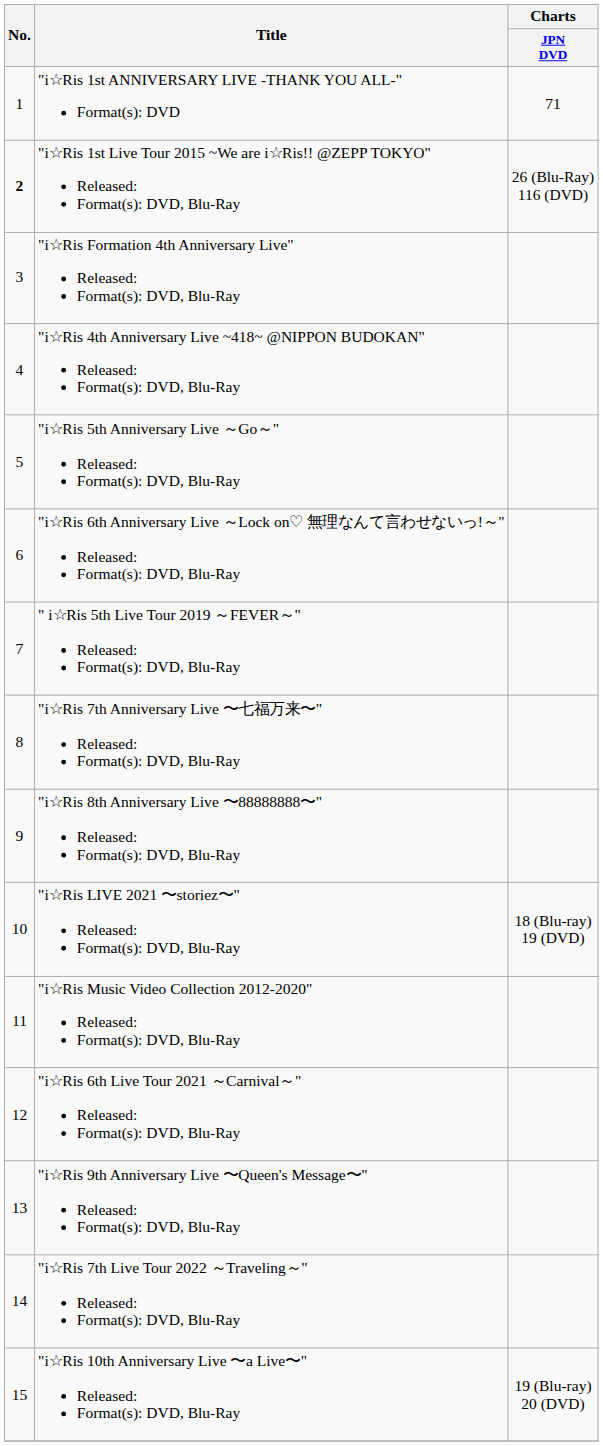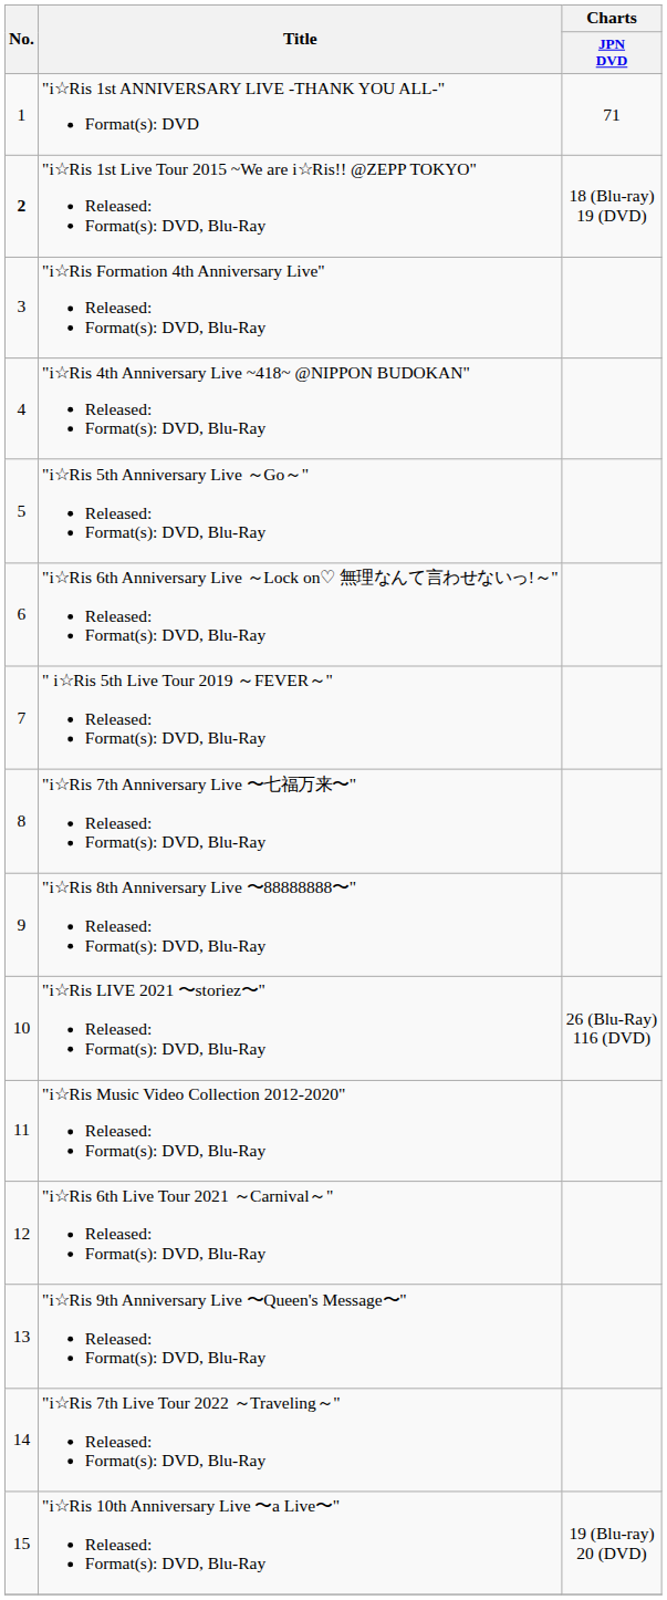 <table class="wikitable">
 <tr>
 <th rowspan="2">No.</th>
 <th rowspan="2">Title</th>
 <th>Charts</th>
 </tr>
 <tr style="width:3em;font-size:85%;">
 <th><a href='#'>JPN<br>DVD</a><br></th>
 </tr>
 <tr>
 <td align="center">1</td>
 <td>"i☆Ris 1st ANNIVERSARY LIVE -THANK YOU ALL-"<br><ul><li>Format(s): DVD</li></ul></td>
 <td align="center">71</td>
 </tr>
 <tr>
 <td align="center"><strong>2</strong></td>
 <td>"i☆Ris 1st Live Tour 2015 ~We are i☆Ris!! @ZEPP TOKYO"<br><ul><li>Released: </li><li>Format(s): DVD, Blu-Ray</li></ul></td>
-<td align="center">26 (Blu-Ray)<br>116 (DVD)</td>
+<td align="center">18 (Blu-ray)<br>19 (DVD)</td>
 </tr>
 <tr>
 <td align="center">3</td>
 <td>"i☆Ris Formation 4th Anniversary Live"<br><ul><li>Released: </li><li>Format(s): DVD, Blu-Ray</li></ul></td>
 <td align="center"></td>
 </tr>
 <tr>
 <td align="center">4</td>
 <td>"i☆Ris 4th Anniversary Live ~418~ @NIPPON BUDOKAN"<br><ul><li>Released: </li><li>Format(s): DVD, Blu-Ray</li></ul></td>
 <td align="center"></td>
 </tr>
 <tr>
 <td align="center">5</td>
 <td>"i☆Ris 5th Anniversary Live ～Go～"<br><ul><li>Released: </li><li>Format(s): DVD, Blu-Ray</li></ul></td>
 <td align="center"></td>
 </tr>
 <tr>
 <td align="center">6</td>
 <td>"i☆Ris 6th Anniversary Live  ～Lock on♡ 無理なんて言わせないっ!～"<br><ul><li>Released: </li><li>Format(s): DVD, Blu-Ray</li></ul></td>
 <td align="center"></td>
 </tr>
 <tr>
 <td align="center">7</td>
 <td>"	i☆Ris 5th Live Tour 2019 ～FEVER～"<br><ul><li>Released: </li><li>Format(s): DVD, Blu-Ray</li></ul></td>
 <td align="center"></td>
 </tr>
 <tr>
 <td align="center">8</td>
 <td>"i☆Ris 7th Anniversary Live 〜七福万来〜"<br><ul><li>Released: </li><li>Format(s): DVD, Blu-Ray</li></ul></td>
 <td align="center"></td>
 </tr>
 <tr>
 <td align="center">9</td>
 <td>"i☆Ris 8th Anniversary Live 〜88888888〜"<br><ul><li>Released: </li><li>Format(s): DVD, Blu-Ray</li></ul></td>
 <td align="center"></td>
 </tr>
 <tr>
 <td align="center">10</td>
 <td>"i☆Ris LIVE 2021 〜storiez〜"<br><ul><li>Released: </li><li>Format(s): DVD, Blu-Ray</li></ul></td>
-<td align="center">18 (Blu-ray)<br>19 (DVD)</td>
+<td align="center">26 (Blu-Ray)<br>116 (DVD)</td>
 </tr>
 <tr>
 <td align="center">11</td>
 <td>"i☆Ris Music Video Collection 2012-2020"<br><ul><li>Released: </li><li>Format(s): DVD, Blu-Ray</li></ul></td>
 <td align="center"></td>
 </tr>
 <tr>
 <td align="center">12</td>
 <td>"i☆Ris 6th Live Tour 2021 ～Carnival～"<br><ul><li>Released: </li><li>Format(s): DVD, Blu-Ray</li></ul></td>
 <td align="center"></td>
 </tr>
 <tr>
 <td align="center">13</td>
 <td>"i☆Ris 9th Anniversary Live 〜Queen's Message〜"<br><ul><li>Released: </li><li>Format(s): DVD, Blu-Ray</li></ul></td>
 <td align="center"></td>
 </tr>
 <tr>
 <td align="center">14</td>
 <td>"i☆Ris 7th Live Tour 2022 ～Traveling～"<br><ul><li>Released: </li><li>Format(s): DVD, Blu-Ray</li></ul></td>
 <td align="center"></td>
 </tr>
 <tr>
 <td align="center">15</td>
 <td>"i☆Ris 10th Anniversary Live 〜a Live〜"<br><ul><li>Released: </li><li>Format(s): DVD, Blu-Ray</li></ul></td>
 <td align="center">19 (Blu-ray)<br>20 (DVD)</td>
 </tr>
 <tr>
 </tr>
 </table>
